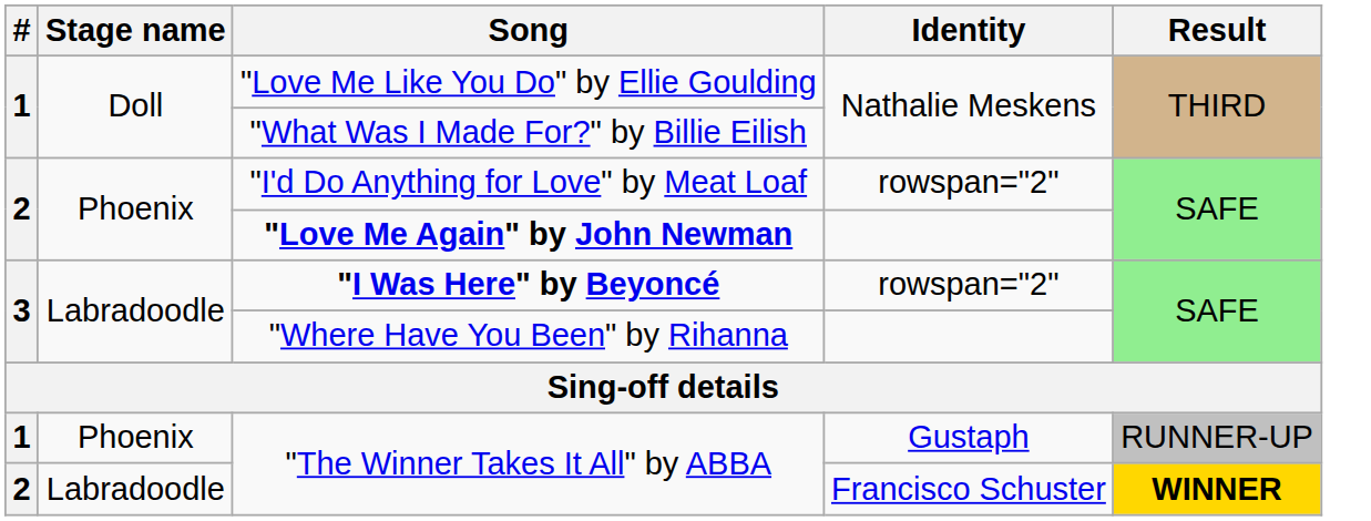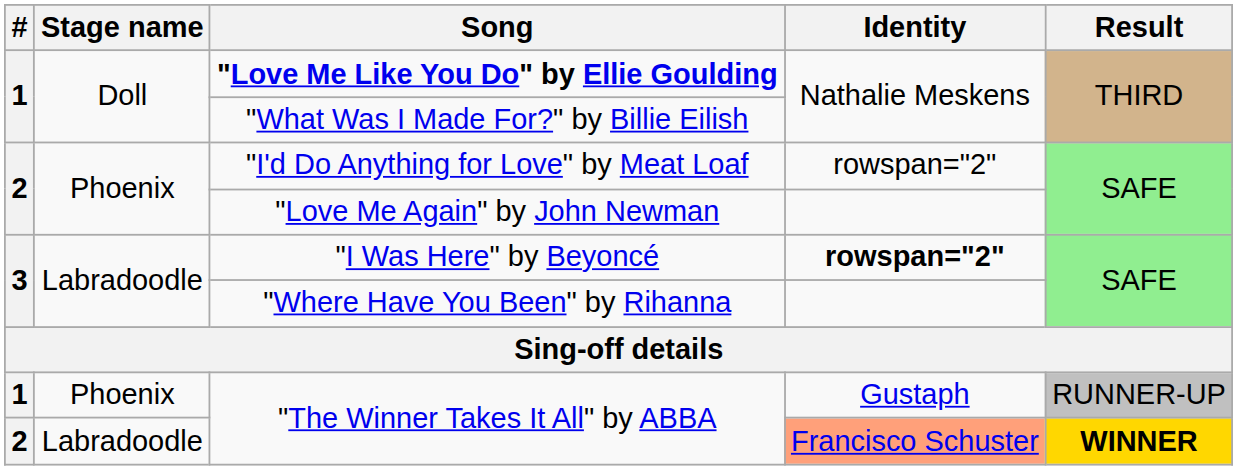 <table class="wikitable plainrowheaders" style="text-align: center;">
 <tr>
 <th>#</th>
 <th>Stage name</th>
 <th>Song</th>
 <th>Identity</th>
 <th>Result</th>
 </tr>
 <tr>
 <th rowspan="2">1</th>
 <td rowspan="2">Doll</td>
-<td>"<a href='#'>Love Me Like You Do</a>" by <a href='#'>Ellie Goulding</a></td>
+<td><strong>"<a href='#'>Love Me Like You Do</a>" by <a href='#'>Ellie Goulding</a></strong></td>
 <td rowspan="2">Nathalie Meskens</td>
 <td rowspan="2" bgcolor=tan>THIRD</td>
 </tr>
 <tr>
 <td>"<a href='#'>What Was I Made For?</a>" by <a href='#'>Billie Eilish</a></td>
 </tr>
 <tr>
 <th rowspan="2">2</th>
 <td rowspan="2">Phoenix</td>
 <td>"<a href='#'>I'd Do Anything for Love</a>" by <a href='#'>Meat Loaf</a></td>
 <td>rowspan="2" </td>
 <td rowspan="2" bgcolor=lightgreen>SAFE</td>
 </tr>
 <tr>
-<td><strong>"<a href='#'>Love Me Again</a>" by <a href='#'>John Newman</a></strong></td>
+<td>"<a href='#'>Love Me Again</a>" by <a href='#'>John Newman</a></td>
 </tr>
 <tr>
 <th rowspan="2">3</th>
 <td rowspan="2">Labradoodle</td>
-<td><strong>"<a href='#'>I Was Here</a>" by <a href='#'>Beyoncé</a></strong></td>
-<td>rowspan="2" </td>
+<td>"<a href='#'>I Was Here</a>" by <a href='#'>Beyoncé</a></td>
+<td><strong>rowspan="2" </strong></td>
 <td rowspan="2"  bgcolor=lightgreen>SAFE</td>
 </tr>
 <tr>
 <td>"<a href='#'>Where Have You Been</a>" by <a href='#'>Rihanna</a></td>
 </tr>
 <tr>
 <th colspan="5">Sing-off details</th>
 </tr>
 <tr>
 <th>1</th>
 <td>Phoenix</td>
 <td rowspan="2">"<a href='#'>The Winner Takes It All</a>" by <a href='#'>ABBA</a></td>
 <td><a href='#'>Gustaph</a></td>
 <td bgcolor=silver>RUNNER-UP</td>
 </tr>
 <tr>
 <th>2</th>
 <td>Labradoodle</td>
-<td><a href='#'>Francisco Schuster</a></td>
+<td style="background: lightsalmon;"><a href='#'>Francisco Schuster</a></td>
 <td bgcolor=gold><strong>WINNER</strong></td>
 </tr>
 </table>
